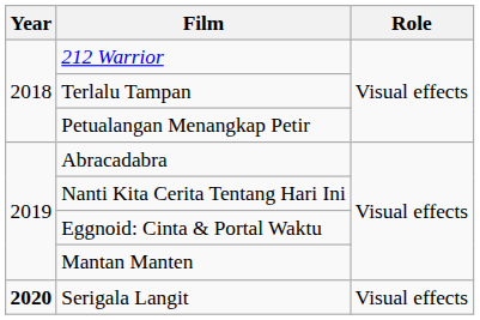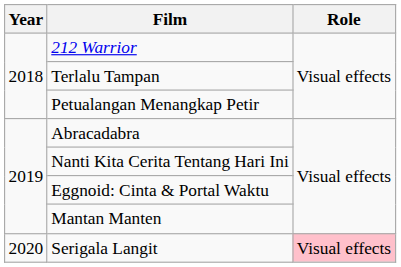 <table class="wikitable" style="font-size: 95%;">
 <tr>
 <th>Year</th>
 <th>Film</th>
 <th>Role</th>
 </tr>
 <tr>
 <td rowspan="3">2018</td>
 <td><em><a href='#'>212 Warrior</a></em></td>
 <td rowspan="3">Visual effects</td>
 </tr>
 <tr>
 <td>Terlalu Tampan</td>
 </tr>
 <tr>
 <td>Petualangan Menangkap Petir</td>
 </tr>
 <tr>
 <td rowspan="4">2019</td>
 <td>Abracadabra</td>
 <td rowspan="4">Visual effects</td>
 </tr>
 <tr>
 <td>Nanti Kita Cerita Tentang Hari Ini</td>
 </tr>
 <tr>
 <td>Eggnoid: Cinta & Portal Waktu</td>
 </tr>
 <tr>
 <td>Mantan Manten</td>
 </tr>
 <tr>
-<td><strong>2020</strong></td>
+<td>2020</td>
 <td>Serigala Langit</td>
-<td>Visual effects</td>
+<td style="background: pink;">Visual effects</td>
 </tr>
 </table>
